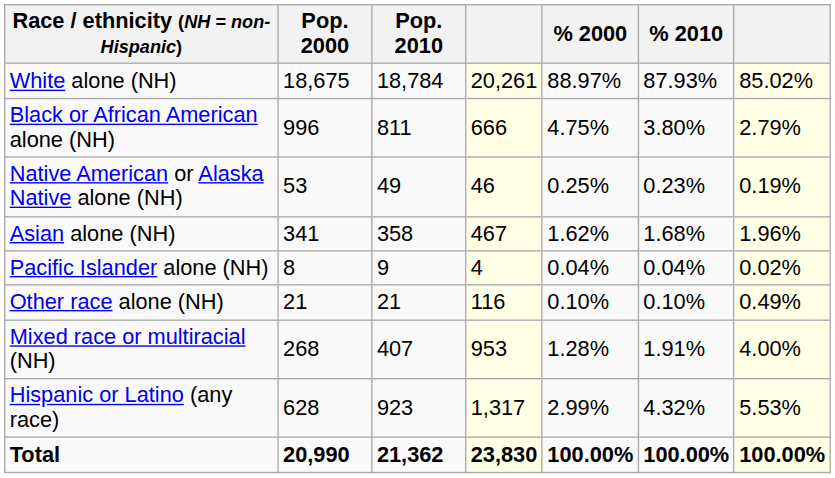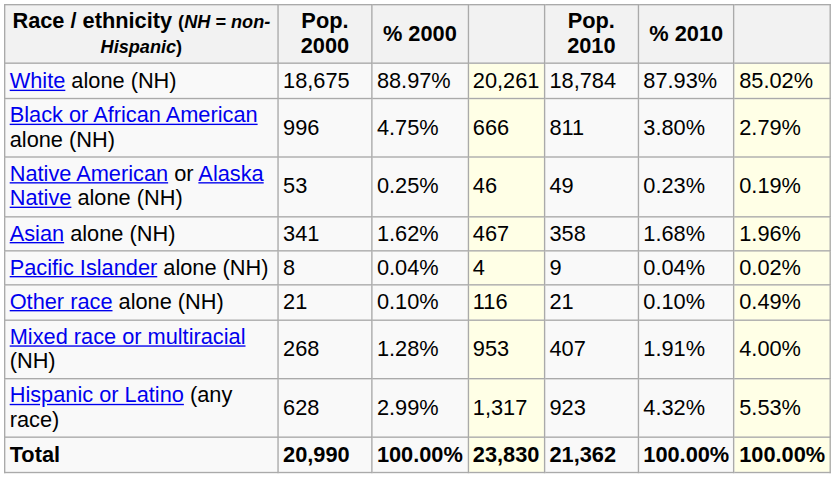 <table class="wikitable">
 <tr>
 <th>Race / ethnicity <small>(<em>NH = non-Hispanic</em>)</small></th>
 <th>Pop. 2000</th>
+<th>% 2000</th>
+<th></th>
 <th>Pop. 2010</th>
-<th></th>
-<th>% 2000</th>
 <th>% 2010</th>
 <th></th>
 </tr>
 <tr>
 <td><a href='#'>White</a> alone (NH)</td>
 <td>18,675</td>
+<td>88.97%</td>
+<td style='background: #ffffe6;'>20,261</td>
 <td>18,784</td>
-<td style='background: #ffffe6;'>20,261</td>
-<td>88.97%</td>
 <td>87.93%</td>
 <td style='background: #ffffe6;'>85.02%</td>
 </tr>
 <tr>
 <td><a href='#'>Black or African American</a> alone (NH)</td>
 <td>996</td>
+<td>4.75%</td>
+<td style='background: #ffffe6;'>666</td>
 <td>811</td>
-<td style='background: #ffffe6;'>666</td>
-<td>4.75%</td>
 <td>3.80%</td>
 <td style='background: #ffffe6;'>2.79%</td>
 </tr>
 <tr>
 <td><a href='#'>Native American</a> or <a href='#'>Alaska Native</a> alone (NH)</td>
 <td>53</td>
+<td>0.25%</td>
+<td style='background: #ffffe6;'>46</td>
 <td>49</td>
-<td style='background: #ffffe6;'>46</td>
-<td>0.25%</td>
 <td>0.23%</td>
 <td style='background: #ffffe6;'>0.19%</td>
 </tr>
 <tr>
 <td><a href='#'>Asian</a> alone (NH)</td>
 <td>341</td>
+<td>1.62%</td>
+<td style='background: #ffffe6;'>467</td>
 <td>358</td>
-<td style='background: #ffffe6;'>467</td>
-<td>1.62%</td>
 <td>1.68%</td>
 <td style='background: #ffffe6;'>1.96%</td>
 </tr>
 <tr>
 <td><a href='#'>Pacific Islander</a> alone (NH)</td>
 <td>8</td>
+<td>0.04%</td>
+<td style='background: #ffffe6;'>4</td>
 <td>9</td>
-<td style='background: #ffffe6;'>4</td>
-<td>0.04%</td>
 <td>0.04%</td>
 <td style='background: #ffffe6;'>0.02%</td>
 </tr>
 <tr>
 <td><a href='#'>Other race</a> alone (NH)</td>
 <td>21</td>
+<td>0.10%</td>
+<td style='background: #ffffe6;'>116</td>
 <td>21</td>
-<td style='background: #ffffe6;'>116</td>
-<td>0.10%</td>
 <td>0.10%</td>
 <td style='background: #ffffe6;'>0.49%</td>
 </tr>
 <tr>
 <td><a href='#'>Mixed race or multiracial</a> (NH)</td>
 <td>268</td>
+<td>1.28%</td>
+<td style='background: #ffffe6;'>953</td>
 <td>407</td>
-<td style='background: #ffffe6;'>953</td>
-<td>1.28%</td>
 <td>1.91%</td>
 <td style='background: #ffffe6;'>4.00%</td>
 </tr>
 <tr>
 <td><a href='#'>Hispanic or Latino</a> (any race)</td>
 <td>628</td>
+<td>2.99%</td>
+<td style='background: #ffffe6;'>1,317</td>
 <td>923</td>
-<td style='background: #ffffe6;'>1,317</td>
-<td>2.99%</td>
 <td>4.32%</td>
 <td style='background: #ffffe6;'>5.53%</td>
 </tr>
 <tr>
 <td><strong>Total</strong></td>
 <td><strong>20,990</strong></td>
+<td><strong>100.00%</strong></td>
+<td style='background: #ffffe6;'><strong>23,830</strong></td>
 <td><strong>21,362</strong></td>
-<td style='background: #ffffe6;'><strong>23,830</strong></td>
-<td><strong>100.00%</strong></td>
 <td><strong>100.00%</strong></td>
 <td style='background: #ffffe6;'><strong>100.00%</strong></td>
 </tr>
 </table>
